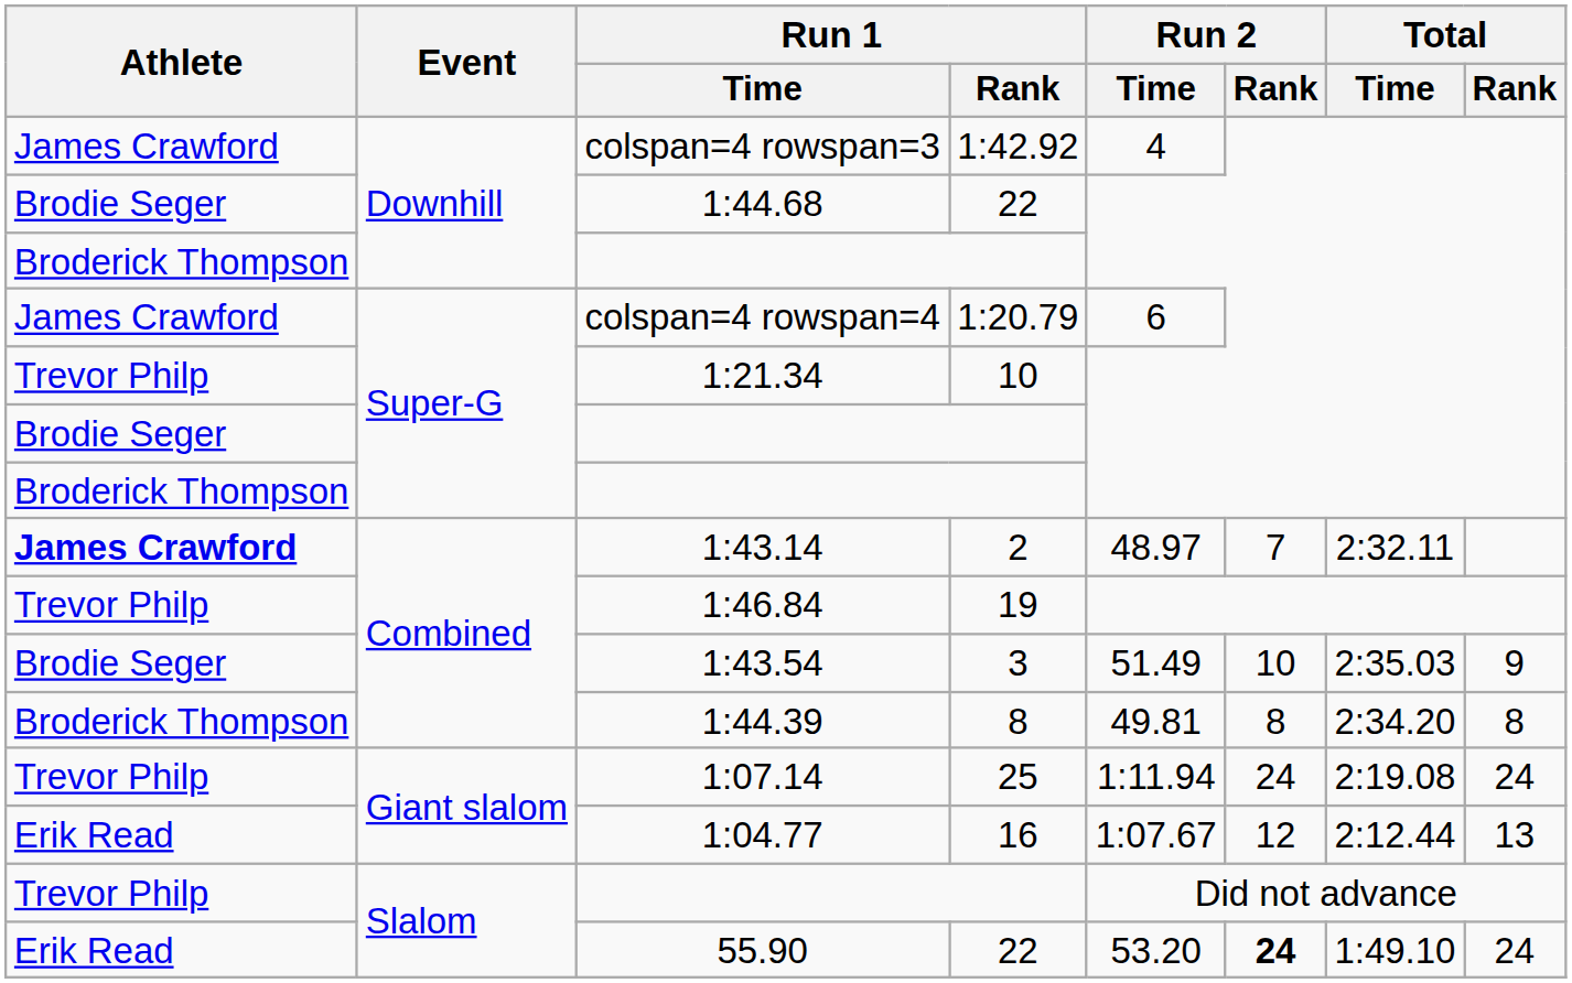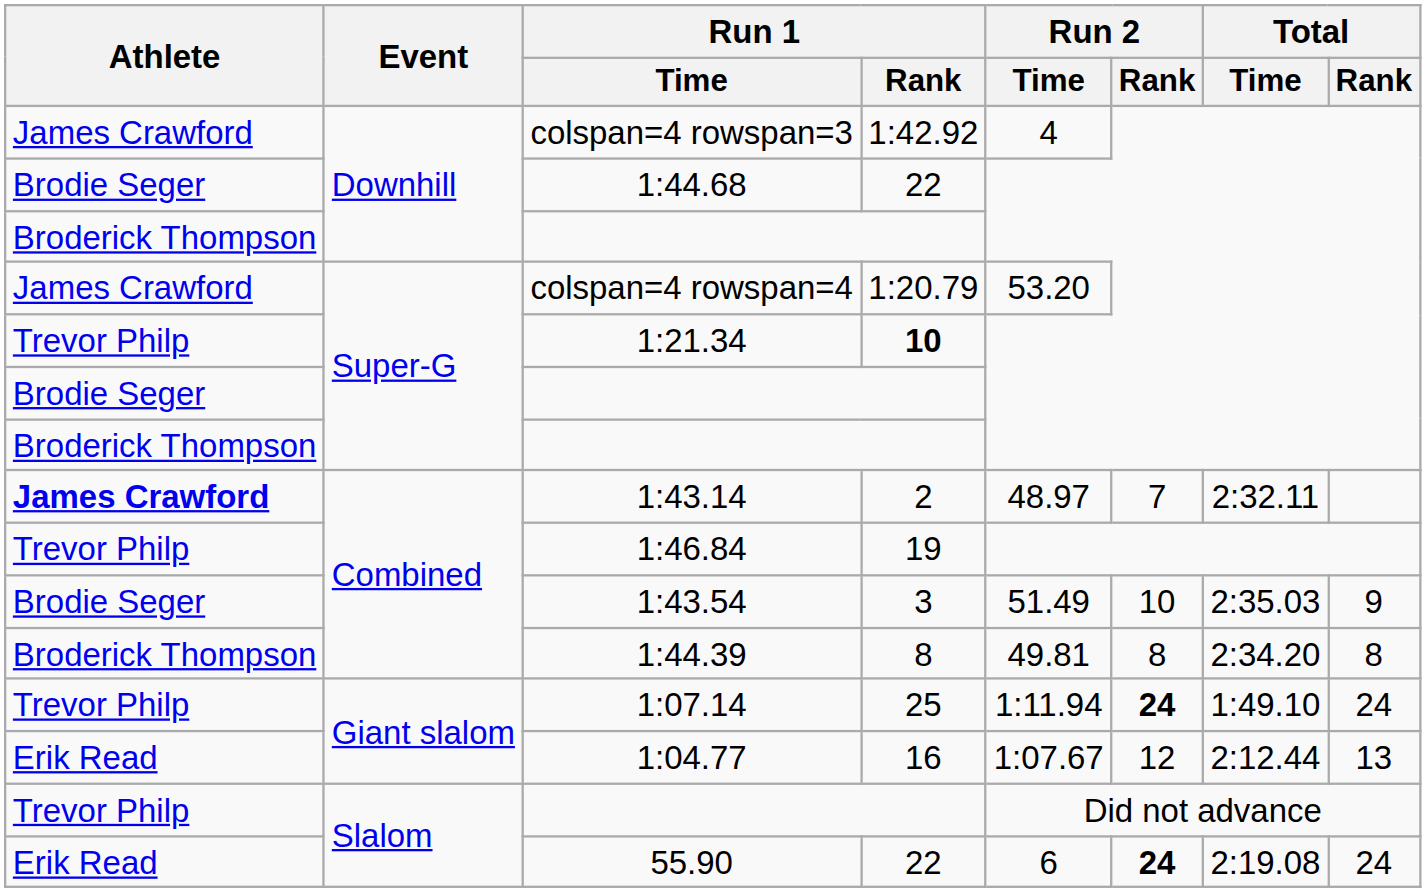 <table class=wikitable style=font-size:90%;text-align:center>
 <tr>
 <th rowspan=2>Athlete</th>
 <th rowspan=2>Event</th>
 <th colspan=2>Run 1</th>
 <th colspan=2>Run 2</th>
 <th colspan=2>Total</th>
 </tr>
 <tr style=font-size:95%>
 <th>Time</th>
 <th>Rank</th>
 <th>Time</th>
 <th>Rank</th>
 <th>Time</th>
 <th>Rank</th>
 </tr>
 <tr>
 <td align=left><a href='#'>James Crawford</a></td>
 <td align=left rowspan=3><a href='#'>Downhill</a></td>
 <td>colspan=4 rowspan=3 </td>
 <td>1:42.92</td>
 <td>4</td>
 </tr>
 <tr>
 <td align=left><a href='#'>Brodie Seger</a></td>
 <td>1:44.68</td>
 <td>22</td>
 </tr>
 <tr>
 <td align=left><a href='#'>Broderick Thompson</a></td>
 <td colspan=2></td>
 </tr>
 <tr>
 <td align=left><a href='#'>James Crawford</a></td>
 <td align=left rowspan=4><a href='#'>Super-G</a></td>
 <td>colspan=4 rowspan=4 </td>
 <td>1:20.79</td>
-<td>6</td>
+<td>53.20</td>
 </tr>
 <tr>
 <td align=left><a href='#'>Trevor Philp</a></td>
 <td>1:21.34</td>
-<td>10</td>
+<td><strong>10</strong></td>
 </tr>
 <tr>
 <td align=left><a href='#'>Brodie Seger</a></td>
 <td colspan=2></td>
 </tr>
 <tr>
 <td align=left><a href='#'>Broderick Thompson</a></td>
 <td colspan=2></td>
 </tr>
 <tr>
 <td align=left><strong><a href='#'>James Crawford</a></strong></td>
 <td align=left rowspan=4><a href='#'>Combined</a></td>
 <td>1:43.14</td>
 <td>2</td>
 <td>48.97</td>
 <td>7</td>
 <td>2:32.11</td>
 <td></td>
 </tr>
 <tr>
 <td align=left><a href='#'>Trevor Philp</a></td>
 <td>1:46.84</td>
 <td>19</td>
 <td colspan=4></td>
 </tr>
 <tr>
 <td align=left><a href='#'>Brodie Seger</a></td>
 <td>1:43.54</td>
 <td>3</td>
 <td>51.49</td>
 <td>10</td>
 <td>2:35.03</td>
 <td>9</td>
 </tr>
 <tr>
 <td align=left><a href='#'>Broderick Thompson</a></td>
 <td>1:44.39</td>
 <td>8</td>
 <td>49.81</td>
 <td>8</td>
 <td>2:34.20</td>
 <td>8</td>
 </tr>
 <tr>
 <td align=left><a href='#'>Trevor Philp</a></td>
 <td align=left rowspan=2><a href='#'>Giant slalom</a></td>
 <td>1:07.14</td>
 <td>25</td>
 <td>1:11.94</td>
-<td>24</td>
-<td>2:19.08</td>
+<td><strong>24</strong></td>
+<td>1:49.10</td>
 <td>24</td>
 </tr>
 <tr>
 <td align=left><a href='#'>Erik Read</a></td>
 <td>1:04.77</td>
 <td>16</td>
 <td>1:07.67</td>
 <td>12</td>
 <td>2:12.44</td>
 <td>13</td>
 </tr>
 <tr>
 <td align=left><a href='#'>Trevor Philp</a></td>
 <td align=left rowspan=2><a href='#'>Slalom</a></td>
 <td colspan=2></td>
 <td colspan=4>Did not advance</td>
 </tr>
 <tr>
 <td align=left><a href='#'>Erik Read</a></td>
 <td>55.90</td>
 <td>22</td>
-<td>53.20</td>
+<td>6</td>
 <td><strong>24</strong></td>
-<td>1:49.10</td>
+<td>2:19.08</td>
 <td>24</td>
 </tr>
 </table>
